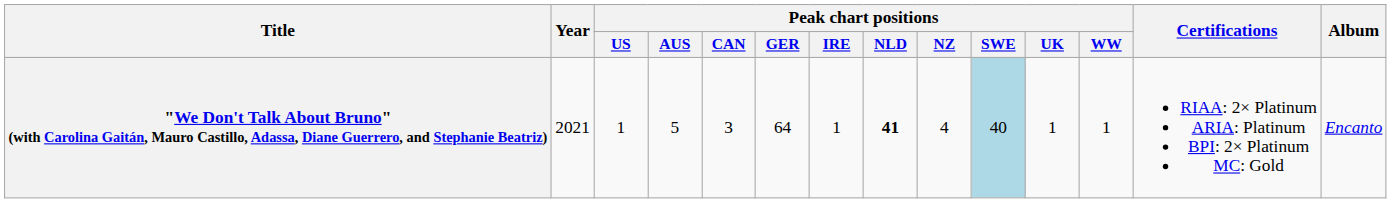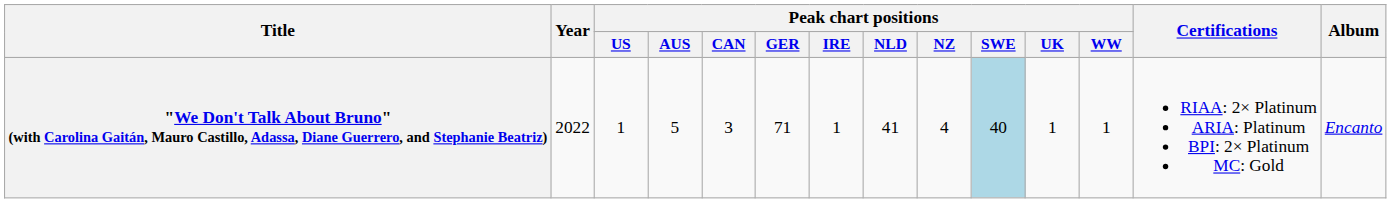 <table class="wikitable plainrowheaders" style="text-align:center;">
 <tr>
 <th scope="col" rowspan="2">Title</th>
 <th scope="col" rowspan="2">Year</th>
 <th scope="col" colspan="10">Peak chart positions</th>
 <th scope="col" rowspan="2"><a href='#'>Certifications</a></th>
 <th scope="col" rowspan="2">Album</th>
 </tr>
 <tr>
 <th scope="col" style="width:3em;font-size:90%;"><a href='#'>US</a><br></th>
 <th scope="col" style="width:3em;font-size:90%;"><a href='#'>AUS</a><br></th>
 <th scope="col" style="width:3em;font-size:90%;"><a href='#'>CAN</a><br></th>
 <th scope="col" style="width:3em;font-size:90%;"><a href='#'>GER</a><br></th>
 <th scope="col" style="width:3em;font-size:90%;"><a href='#'>IRE</a><br></th>
 <th scope="col" style="width:3em;font-size:90%;"><a href='#'>NLD</a><br></th>
 <th scope="col" style="width:3em;font-size:90%;"><a href='#'>NZ</a><br></th>
 <th scope="col" style="width:3em;font-size:90%;"><a href='#'>SWE</a><br></th>
 <th scope="col" style="width:3em;font-size:90%;"><a href='#'>UK</a><br></th>
 <th scope="col" style="width:3em;font-size:90%;"><a href='#'>WW</a><br></th>
 </tr>
 <tr>
 <th scope="row">"<a href='#'>We Don't Talk About Bruno</a>"<br><small>(with <a href='#'>Carolina Gaitán</a>, Mauro Castillo, <a href='#'>Adassa</a>, <a href='#'>Diane Guerrero</a>, and <a href='#'>Stephanie Beatriz</a>)</small></th>
-<td>2021</td>
+<td>2022</td>
 <td>1</td>
 <td>5<br></td>
 <td>3</td>
-<td>64</td>
+<td>71</td>
 <td>1</td>
-<td><strong>41</strong></td>
+<td>41</td>
 <td>4<br></td>
 <td style="background: lightblue;">40<br></td>
 <td>1</td>
 <td>1</td>
 <td><br><ul><li><a href='#'>RIAA</a>: 2× Platinum</li><li><a href='#'>ARIA</a>: Platinum</li><li><a href='#'>BPI</a>: 2× Platinum</li><li><a href='#'>MC</a>: Gold</li></ul></td>
 <td><em><a href='#'>Encanto</a></em></td>
 </tr>
 </table>
